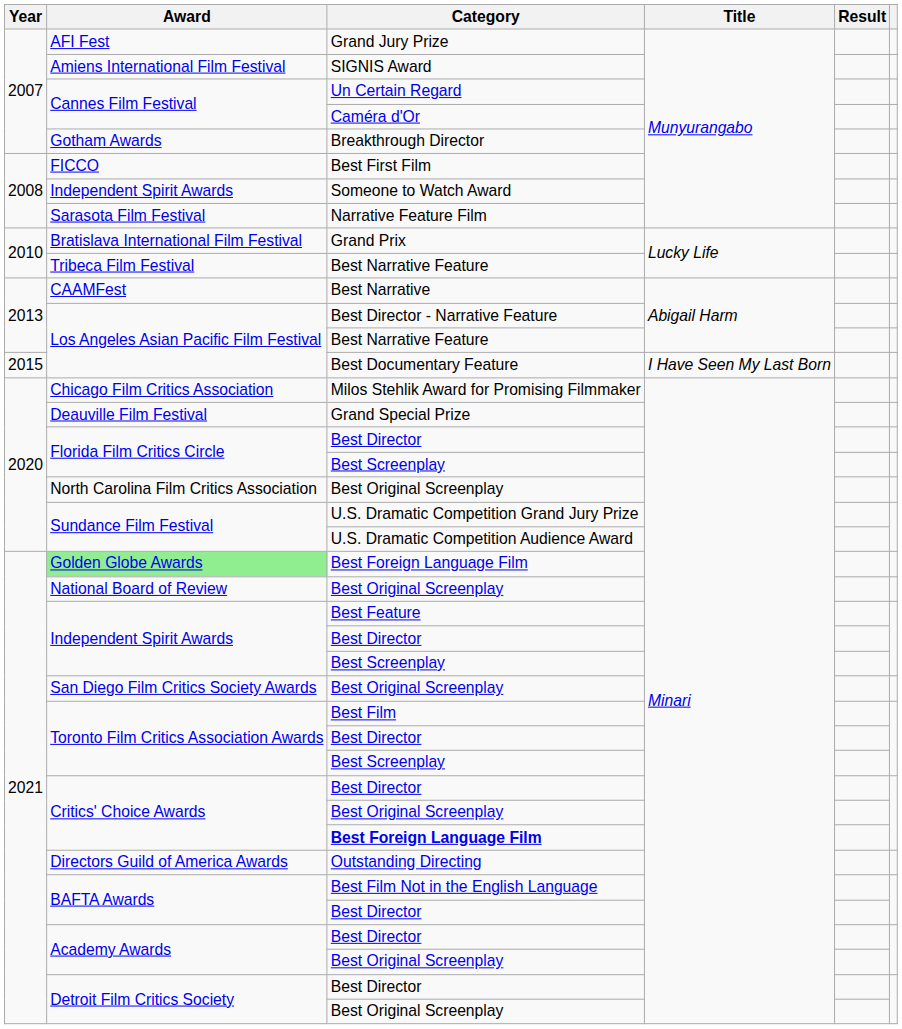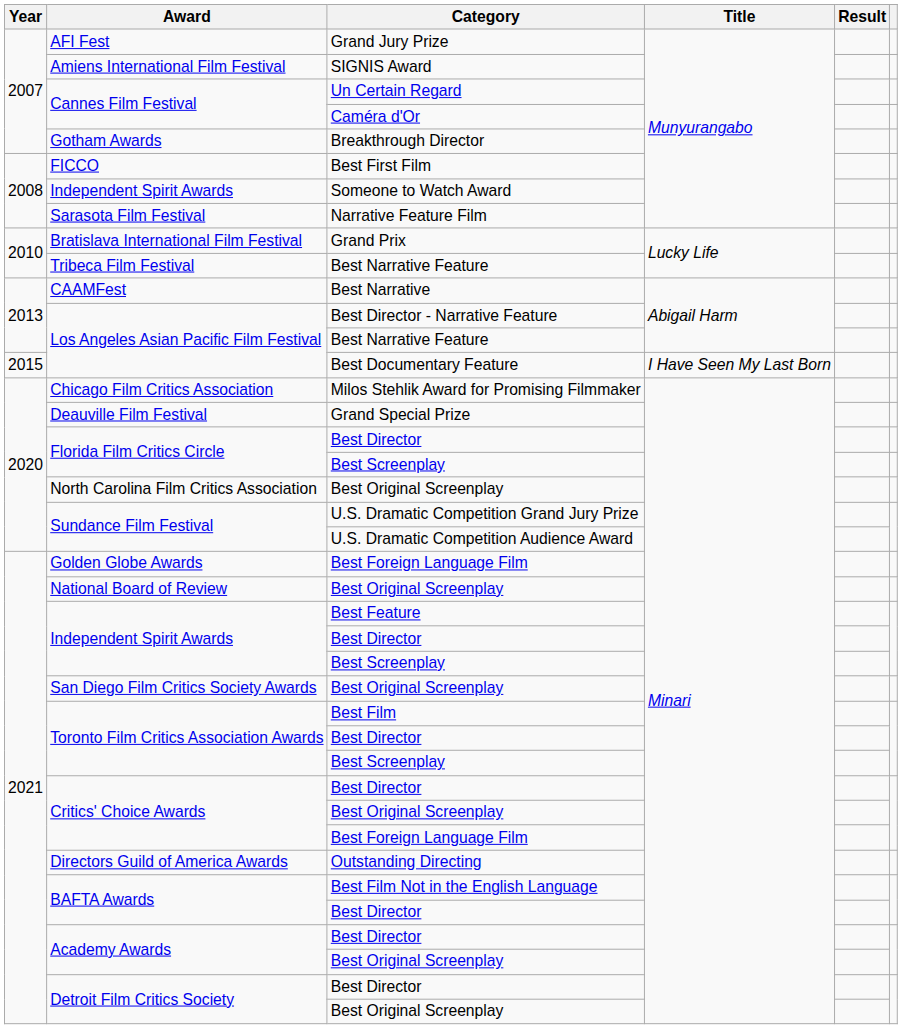 <table class="wikitable plainrowheaders">
 <tr>
 <th>Year</th>
 <th>Award</th>
 <th>Category</th>
 <th>Title</th>
 <th>Result</th>
 <th scope="col"></th>
 </tr>
 <tr>
 <td rowspan=5>2007</td>
 <td><a href='#'>AFI Fest</a></td>
 <td>Grand Jury Prize</td>
 <td rowspan=8><em><a href='#'>Munyurangabo</a></em></td>
 <td></td>
 <td></td>
 </tr>
 <tr>
 <td><a href='#'>Amiens International Film Festival</a></td>
 <td>SIGNIS Award</td>
 <td></td>
 <td></td>
 </tr>
 <tr>
 <td rowspan=2><a href='#'>Cannes Film Festival</a></td>
 <td><a href='#'>Un Certain Regard</a></td>
 <td></td>
 <td></td>
 </tr>
 <tr>
 <td><a href='#'>Caméra d'Or</a></td>
 <td></td>
 <td></td>
 </tr>
 <tr>
 <td><a href='#'>Gotham Awards</a></td>
 <td>Breakthrough Director</td>
 <td></td>
 <td></td>
 </tr>
 <tr>
 <td rowspan=3>2008</td>
 <td><a href='#'>FICCO</a></td>
 <td>Best First Film</td>
 <td></td>
 <td></td>
 </tr>
 <tr>
 <td><a href='#'>Independent Spirit Awards</a></td>
 <td>Someone to Watch Award</td>
 <td></td>
 <td></td>
 </tr>
 <tr>
 <td><a href='#'>Sarasota Film Festival</a></td>
 <td>Narrative Feature Film</td>
 <td></td>
 <td></td>
 </tr>
 <tr>
 <td rowspan=2>2010</td>
 <td><a href='#'>Bratislava International Film Festival</a></td>
 <td>Grand Prix</td>
 <td rowspan=2><em>Lucky Life</em></td>
 <td></td>
 <td></td>
 </tr>
 <tr>
 <td><a href='#'>Tribeca Film Festival</a></td>
 <td>Best Narrative Feature</td>
 <td></td>
 <td></td>
 </tr>
 <tr>
 <td rowspan=3>2013</td>
 <td><a href='#'>CAAMFest</a></td>
 <td>Best Narrative</td>
 <td rowspan=3><em>Abigail Harm</em></td>
 <td></td>
 <td></td>
 </tr>
 <tr>
 <td rowspan=3><a href='#'>Los Angeles Asian Pacific Film Festival</a></td>
 <td>Best Director - Narrative Feature</td>
 <td></td>
 <td></td>
 </tr>
 <tr>
 <td>Best Narrative Feature</td>
 <td></td>
 <td></td>
 </tr>
 <tr>
 <td>2015</td>
 <td>Best Documentary Feature</td>
 <td><em>I Have Seen My Last Born</em></td>
 <td></td>
 <td></td>
 </tr>
 <tr>
 <td rowspan=7>2020</td>
 <td><a href='#'>Chicago Film Critics Association</a></td>
 <td>Milos Stehlik Award for Promising Filmmaker</td>
 <td rowspan=26><em><a href='#'>Minari</a></em></td>
 <td></td>
 <td></td>
 </tr>
 <tr>
 <td><a href='#'>Deauville Film Festival</a></td>
 <td rowspan="1">Grand Special Prize</td>
 <td></td>
 <td></td>
 </tr>
 <tr>
 <td rowspan=2><a href='#'>Florida Film Critics Circle</a></td>
 <td><a href='#'>Best Director</a></td>
 <td></td>
 <td></td>
 </tr>
 <tr>
 <td><a href='#'>Best Screenplay</a></td>
 <td></td>
 <td></td>
 </tr>
 <tr>
 <td>North Carolina Film Critics Association</td>
 <td>Best Original Screenplay</td>
 <td></td>
 <td></td>
 </tr>
 <tr>
 <td rowspan="2"><a href='#'>Sundance Film Festival</a></td>
 <td>U.S. Dramatic Competition Grand Jury Prize</td>
 <td></td>
 <td rowspan="2" align="center"></td>
 </tr>
 <tr>
 <td>U.S. Dramatic Competition Audience Award</td>
 <td></td>
 </tr>
 <tr>
 <td rowspan=19>2021</td>
-<td style="background: lightgreen;"><a href='#'>Golden Globe Awards</a></td>
+<td><a href='#'>Golden Globe Awards</a></td>
 <td><a href='#'>Best Foreign Language Film</a></td>
 <td></td>
 <td align="center"></td>
 </tr>
 <tr>
 <td><a href='#'>National Board of Review</a></td>
 <td><a href='#'>Best Original Screenplay</a></td>
 <td></td>
 <td align="center"></td>
 </tr>
 <tr>
 <td rowspan=3><a href='#'>Independent Spirit Awards</a></td>
 <td><a href='#'>Best Feature</a></td>
 <td></td>
 <td rowspan=3 align=center></td>
 </tr>
 <tr>
 <td><a href='#'>Best Director</a></td>
 <td></td>
 </tr>
 <tr>
 <td><a href='#'>Best Screenplay</a></td>
 <td></td>
 </tr>
 <tr>
 <td><a href='#'>San Diego Film Critics Society Awards</a></td>
 <td><a href='#'>Best Original Screenplay</a></td>
 <td></td>
 <td align=center></td>
 </tr>
 <tr>
 <td rowspan=3><a href='#'>Toronto Film Critics Association Awards</a></td>
 <td><a href='#'>Best Film</a></td>
 <td></td>
 <td rowspan=3 align=center></td>
 </tr>
 <tr>
 <td><a href='#'>Best Director</a></td>
 <td></td>
 </tr>
 <tr>
 <td><a href='#'>Best Screenplay</a></td>
 <td></td>
 </tr>
 <tr>
 <td rowspan="3"><a href='#'>Critics' Choice Awards</a></td>
 <td><a href='#'>Best Director</a></td>
 <td></td>
 <td rowspan="3" align="center"></td>
 </tr>
 <tr>
 <td><a href='#'>Best Original Screenplay</a></td>
 <td></td>
 </tr>
 <tr>
-<td><strong><a href='#'>Best Foreign Language Film</a></strong></td>
+<td><a href='#'>Best Foreign Language Film</a></td>
 <td></td>
 </tr>
 <tr>
 <td><a href='#'>Directors Guild of America Awards</a></td>
 <td><a href='#'>Outstanding Directing</a></td>
 <td></td>
 <td align="center"></td>
 </tr>
 <tr>
 <td rowspan="2"><a href='#'>BAFTA Awards</a></td>
 <td><a href='#'>Best Film Not in the English Language</a></td>
 <td></td>
 <td rowspan="2"></td>
 </tr>
 <tr>
 <td><a href='#'>Best Director</a></td>
 <td></td>
 </tr>
 <tr>
 <td rowspan="2"><a href='#'>Academy Awards</a></td>
 <td><a href='#'>Best Director</a></td>
 <td></td>
 <td rowspan="2"></td>
 </tr>
 <tr>
 <td><a href='#'>Best Original Screenplay</a></td>
 <td></td>
 </tr>
 <tr>
 <td rowspan="2"><a href='#'>Detroit Film Critics Society</a></td>
 <td>Best Director</td>
 <td></td>
 <td rowspan="2" align="center"></td>
 </tr>
 <tr>
 <td>Best Original Screenplay</td>
 <td></td>
 </tr>
 </table>
